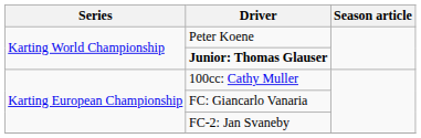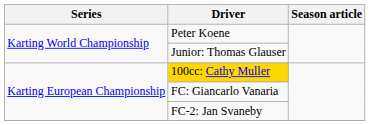 <table class="wikitable" style="font-size: 87%;">
 <tr>
 <th>Series</th>
 <th>Driver</th>
 <th>Season article</th>
 </tr>
 <tr>
 <td rowspan=2><a href='#'>Karting World Championship</a></td>
 <td> Peter Koene</td>
 <td rowspan=2></td>
 </tr>
 <tr>
-<td><strong>Junior:  Thomas Glauser</strong></td>
+<td>Junior:  Thomas Glauser</td>
 </tr>
 <tr>
 <td rowspan=3><a href='#'>Karting European Championship</a></td>
-<td>100cc:  <a href='#'>Cathy Muller</a></td>
+<td style="background: gold;">100cc:  <a href='#'>Cathy Muller</a></td>
 <td rowspan=3></td>
 </tr>
 <tr>
 <td>FC:  Giancarlo Vanaria</td>
 </tr>
 <tr>
 <td>FC-2:  Jan Svaneby</td>
 </tr>
 <tr>
 </tr>
 </table>
